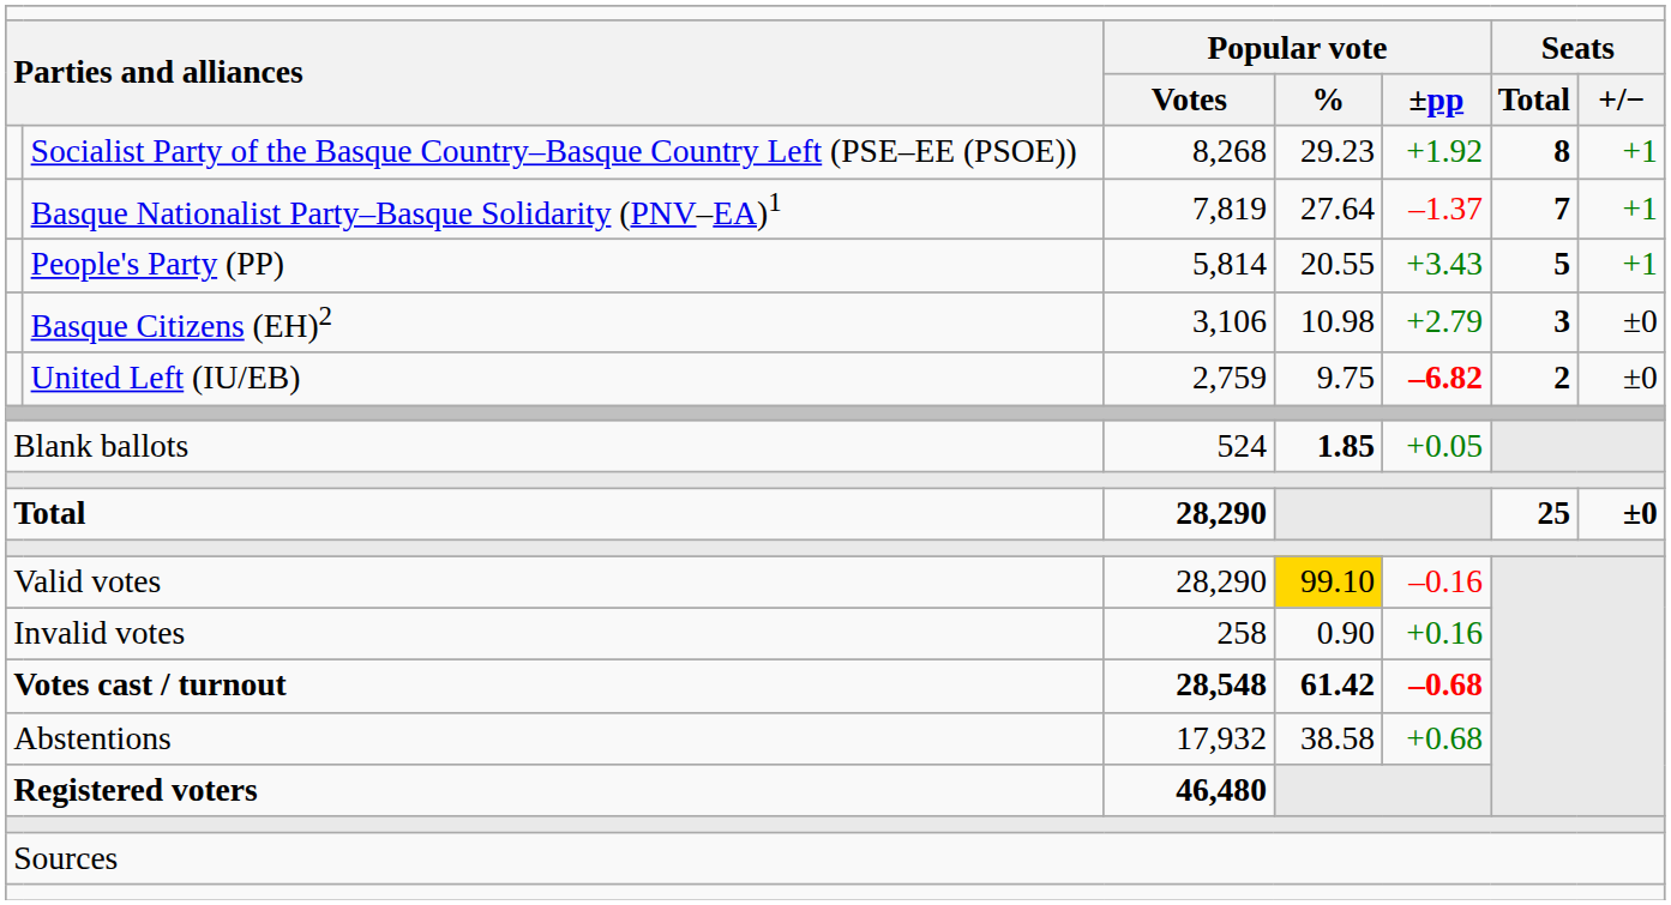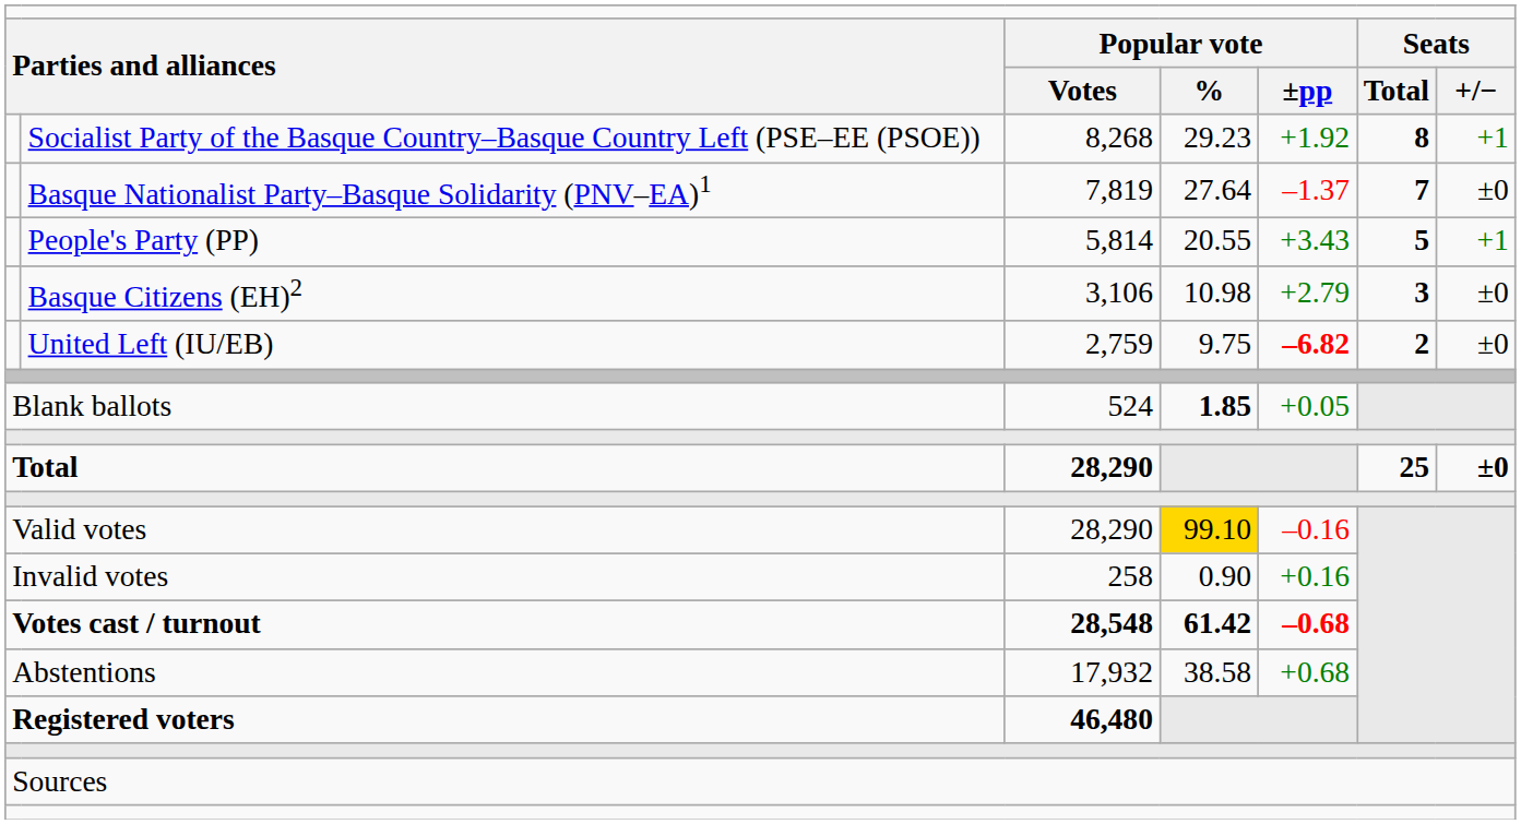 <table class="wikitable" style="text-align:right;">
 <tr>
 <td colspan="7"></td>
 </tr>
 <tr>
 <th style="text-align:left;" rowspan="2" colspan="2" width="525">Parties and alliances</th>
 <th colspan="3">Popular vote</th>
 <th colspan="2">Seats</th>
 </tr>
 <tr>
 <th width="75">Votes</th>
 <th width="45">%</th>
 <th width="45">±<a href='#'>pp</a></th>
 <th width="35">Total</th>
 <th width="35">+/−</th>
 </tr>
 <tr>
 <td width="1" style="color:inherit;background:"></td>
 <td align="left"><a href='#'>Socialist Party of the Basque Country–Basque Country Left</a> (PSE–EE (PSOE))</td>
 <td>8,268</td>
 <td>29.23</td>
 <td style="color:green;">+1.92</td>
 <td><strong>8</strong></td>
 <td style="color:green;">+1</td>
 </tr>
 <tr>
 <td style="color:inherit;background:"></td>
 <td align="left"><a href='#'>Basque Nationalist Party–Basque Solidarity</a> (<a href='#'>PNV</a>–<a href='#'>EA</a>)<sup>1</sup></td>
 <td>7,819</td>
 <td>27.64</td>
 <td style="color:red;">–1.37</td>
 <td><strong>7</strong></td>
-<td style="color:green;">+1</td>
+<td>±0</td>
 </tr>
 <tr>
 <td style="color:inherit;background:"></td>
 <td align="left"><a href='#'>People's Party</a> (PP)</td>
 <td>5,814</td>
 <td>20.55</td>
 <td style="color:green;">+3.43</td>
 <td><strong>5</strong></td>
 <td style="color:green;">+1</td>
 </tr>
 <tr>
 <td style="color:inherit;background:"></td>
 <td align="left"><a href='#'>Basque Citizens</a> (EH)<sup>2</sup></td>
 <td>3,106</td>
 <td>10.98</td>
 <td style="color:green;">+2.79</td>
 <td><strong>3</strong></td>
 <td>±0</td>
 </tr>
 <tr>
 <td style="color:inherit;background:"></td>
 <td align="left"><a href='#'>United Left</a> (IU/EB)</td>
 <td>2,759</td>
 <td>9.75</td>
 <td style="color:red;"><strong>–6.82</strong></td>
 <td><strong>2</strong></td>
 <td>±0</td>
 </tr>
 <tr>
 <td colspan="7" style="color:inherit;background:#C0C0C0"></td>
 </tr>
 <tr>
 <td align="left" colspan="2">Blank ballots</td>
 <td>524</td>
 <td><strong>1.85</strong></td>
 <td style="color:green;">+0.05</td>
 <td style="color:inherit;background:#E9E9E9" colspan="2"></td>
 </tr>
 <tr>
 <td colspan="7" style="color:inherit;background:#E9E9E9"></td>
 </tr>
 <tr style="font-weight:bold;">
 <td align="left" colspan="2">Total</td>
 <td>28,290</td>
 <td bgcolor="#E9E9E9" colspan="2"></td>
 <td>25</td>
 <td>±0</td>
 </tr>
 <tr>
 <td colspan="7" style="color:inherit;background:#E9E9E9"></td>
 </tr>
 <tr>
 <td align="left" colspan="2">Valid votes</td>
 <td>28,290</td>
 <td style="background: gold;">99.10</td>
 <td style="color:red;">–0.16</td>
 <td bgcolor="#E9E9E9" colspan="2" rowspan="5"></td>
 </tr>
 <tr>
 <td align="left" colspan="2">Invalid votes</td>
 <td>258</td>
 <td>0.90</td>
 <td style="color:green;">+0.16</td>
 </tr>
 <tr style="font-weight:bold;">
 <td align="left" colspan="2">Votes cast / turnout</td>
 <td>28,548</td>
 <td>61.42</td>
 <td style="color:red;">–0.68</td>
 </tr>
 <tr>
 <td align="left" colspan="2">Abstentions</td>
 <td>17,932</td>
 <td>38.58</td>
 <td style="color:green;">+0.68</td>
 </tr>
 <tr style="font-weight:bold;">
 <td align="left" colspan="2">Registered voters</td>
 <td>46,480</td>
 <td bgcolor="#E9E9E9" colspan="2"></td>
 </tr>
 <tr>
 <td colspan="7" style="color:inherit;background:#E9E9E9"></td>
 </tr>
 <tr>
 <td align="left" colspan="7">Sources</td>
 </tr>
 <tr>
 <td colspan="7" style="text-align:left; max-width:790px;"></td>
 </tr>
 </table>
